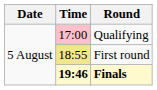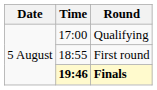 <table class="wikitable">
 <tr>
 <th>Date</th>
 <th>Time</th>
 <th>Round</th>
 </tr>
 <tr>
 <td rowspan=3>5 August</td>
-<td style="background: pink;">17:00</td>
+<td>17:00</td>
 <td>Qualifying</td>
 </tr>
 <tr>
-<td style="background: khaki;">18:55</td>
+<td>18:55</td>
 <td>First round</td>
 </tr>
 <tr style="background:lemonchiffon">
 <td><strong>19:46</strong></td>
 <td><strong>Finals</strong></td>
 </tr>
 </table>
